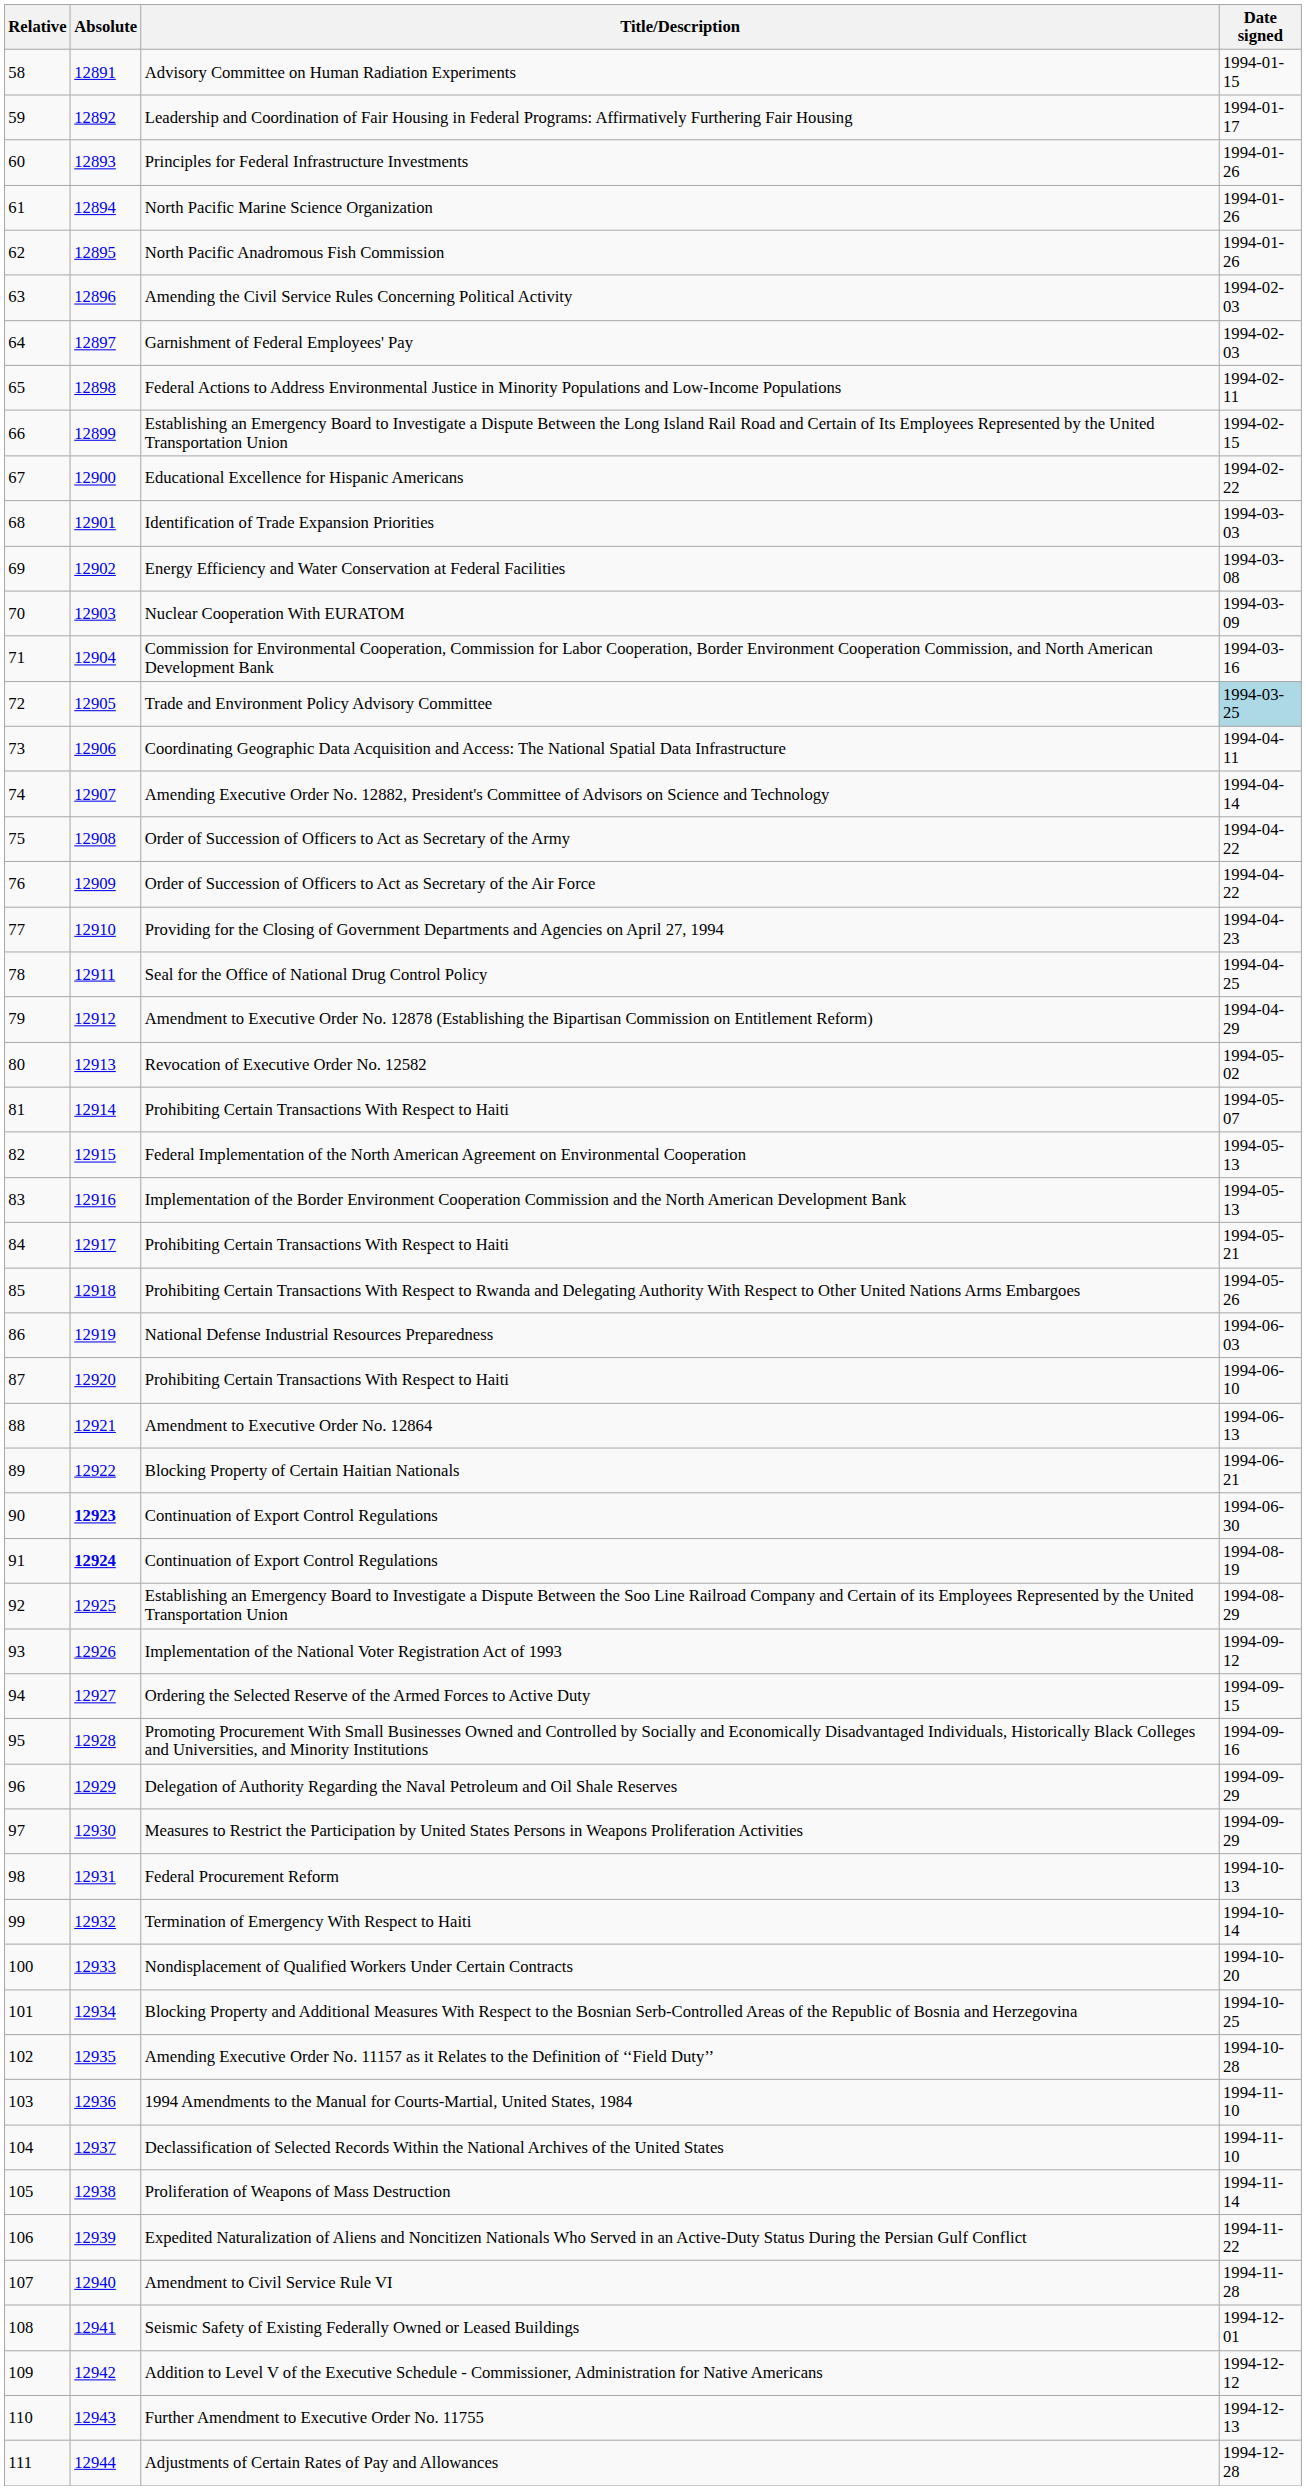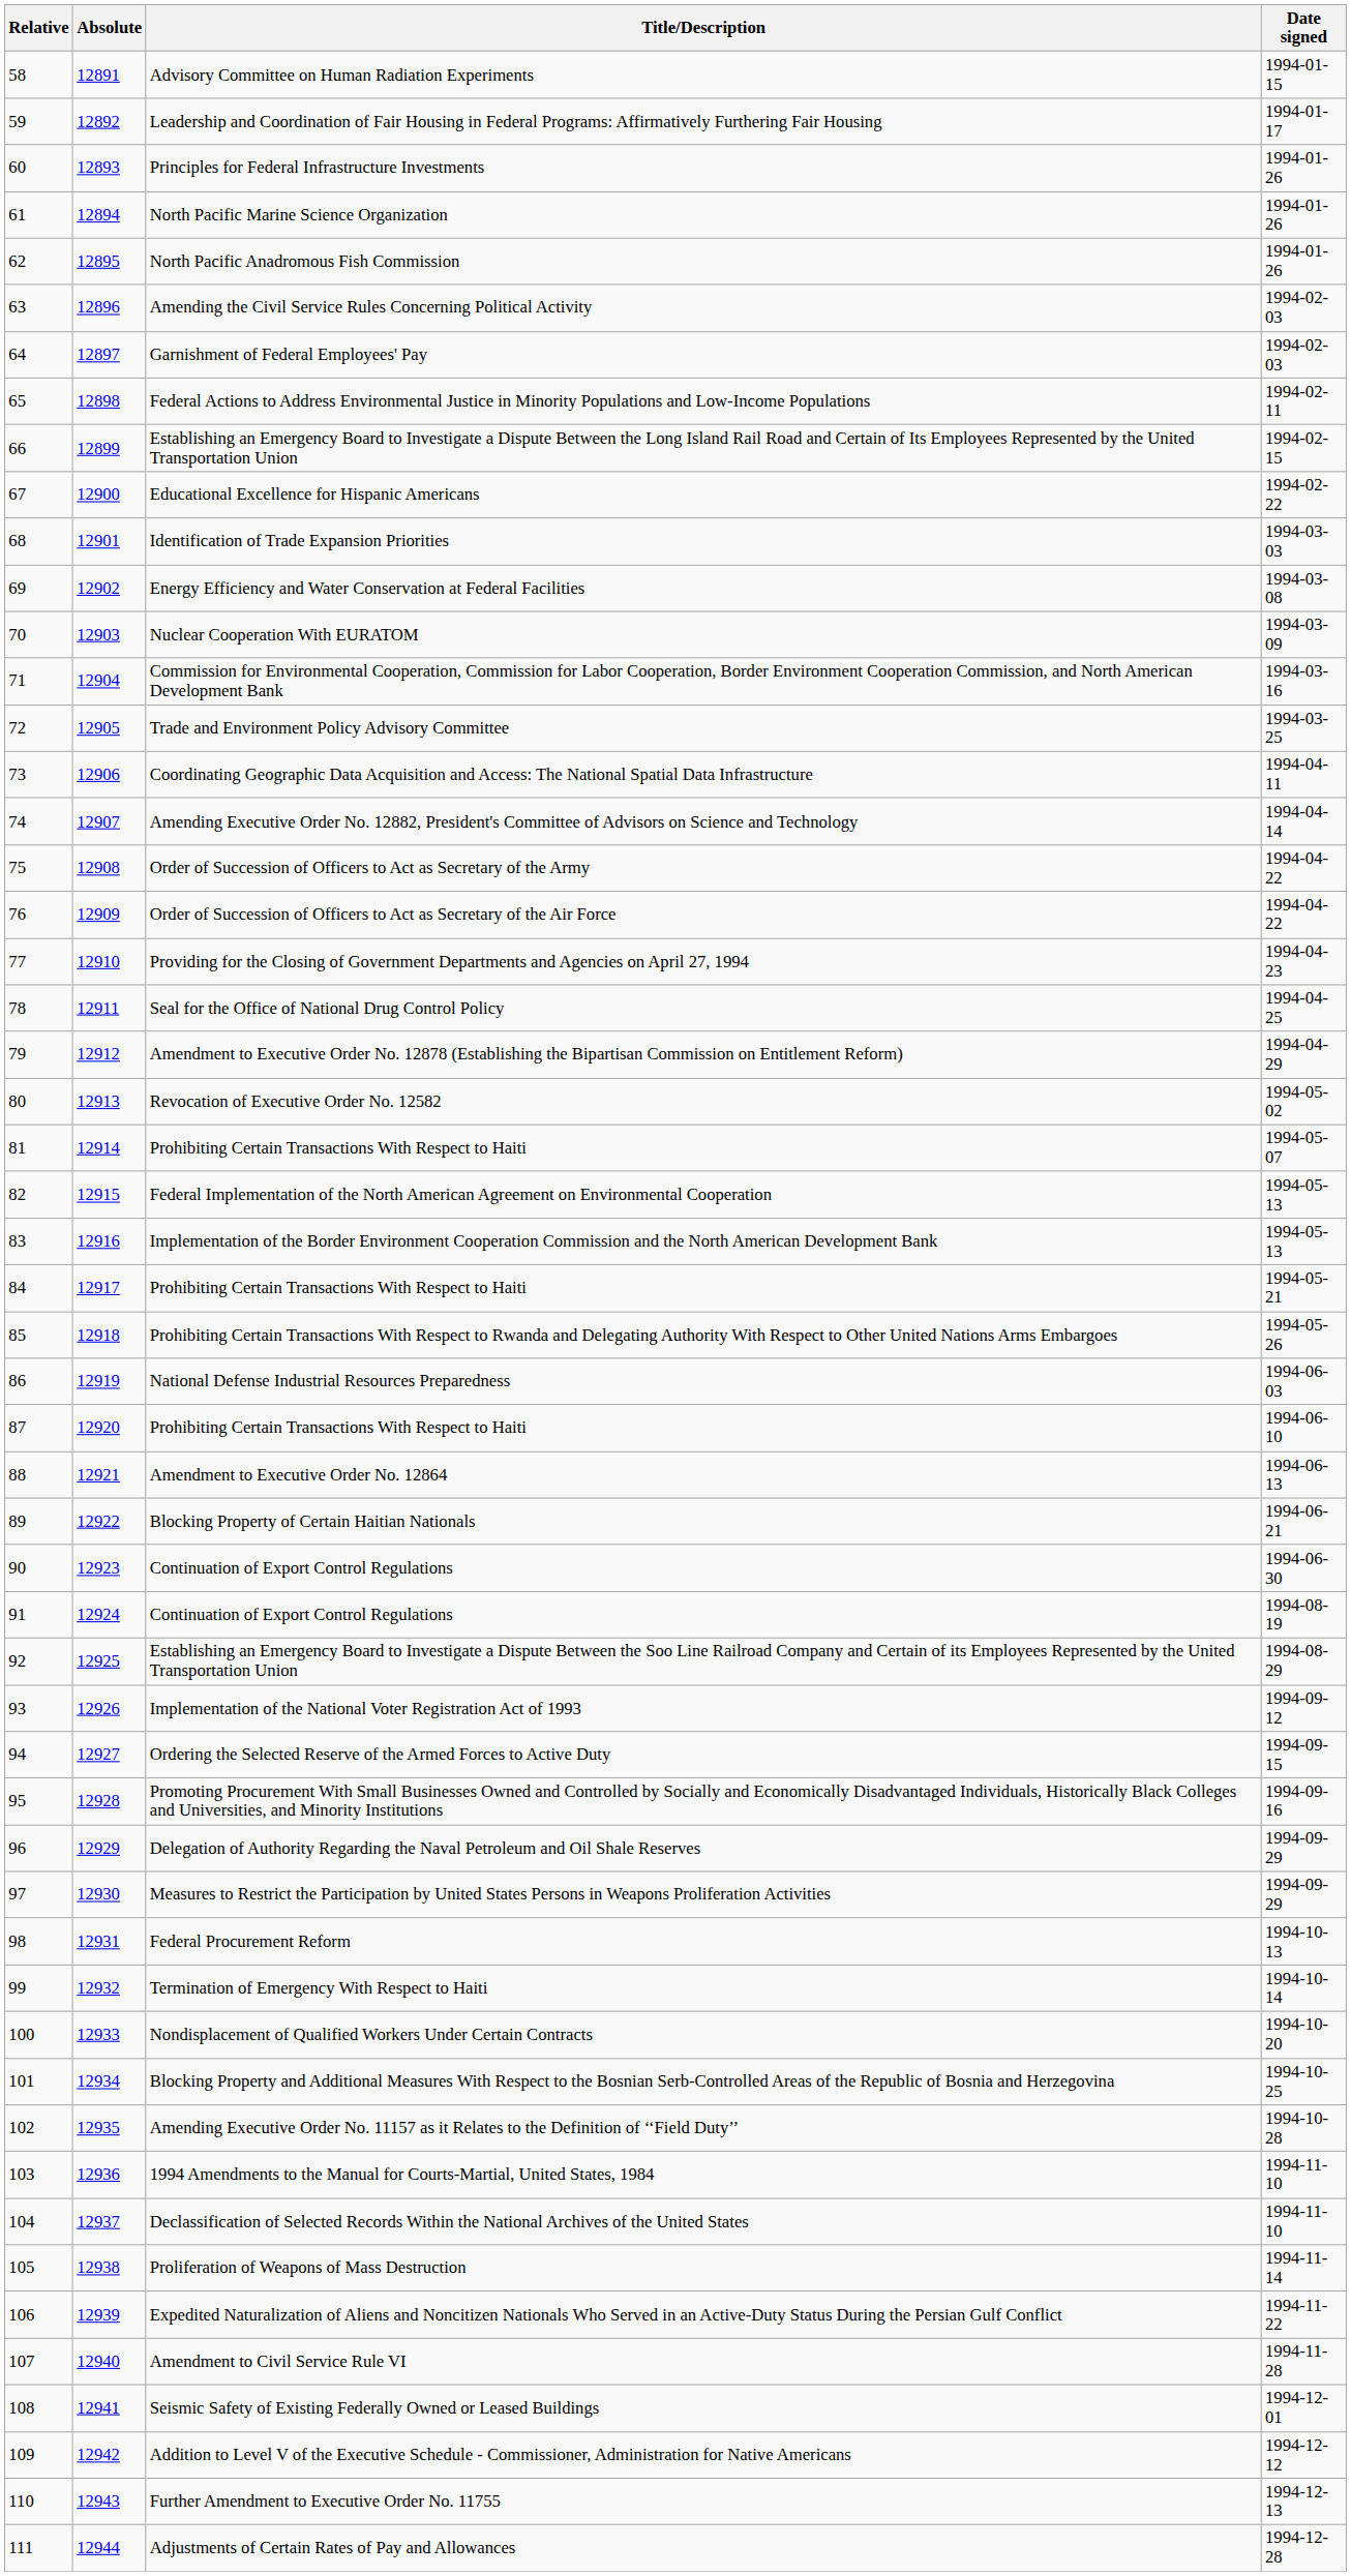 <table class="wikitable">
 <tr>
 <th>Relative </th>
 <th>Absolute </th>
 <th>Title/Description</th>
 <th>Date signed</th>
 </tr>
 <tr>
 <td>58</td>
 <td><a href='#'>12891</a></td>
 <td>Advisory Committee on Human Radiation Experiments</td>
 <td>1994-01-15</td>
 </tr>
 <tr>
 <td>59</td>
 <td><a href='#'>12892</a></td>
 <td>Leadership and Coordination of Fair Housing in Federal Programs: Affirmatively Furthering Fair Housing</td>
 <td>1994-01-17</td>
 </tr>
 <tr>
 <td>60</td>
 <td><a href='#'>12893</a></td>
 <td>Principles for Federal Infrastructure Investments</td>
 <td>1994-01-26</td>
 </tr>
 <tr>
 <td>61</td>
 <td><a href='#'>12894</a></td>
 <td>North Pacific Marine Science Organization</td>
 <td>1994-01-26</td>
 </tr>
 <tr>
 <td>62</td>
 <td><a href='#'>12895</a></td>
 <td>North Pacific Anadromous Fish Commission</td>
 <td>1994-01-26</td>
 </tr>
 <tr>
 <td>63</td>
 <td><a href='#'>12896</a></td>
 <td>Amending the Civil Service Rules Concerning Political Activity</td>
 <td>1994-02-03</td>
 </tr>
 <tr>
 <td>64</td>
 <td><a href='#'>12897</a></td>
 <td>Garnishment of Federal Employees' Pay</td>
 <td>1994-02-03</td>
 </tr>
 <tr>
 <td>65</td>
 <td><a href='#'>12898</a></td>
 <td>Federal Actions to Address Environmental Justice in Minority Populations and Low-Income Populations </td>
 <td>1994-02-11</td>
 </tr>
 <tr>
 <td>66</td>
 <td><a href='#'>12899</a></td>
 <td>Establishing an Emergency Board to Investigate a Dispute Between the Long Island Rail Road and Certain of Its Employees Represented by the United Transportation Union</td>
 <td>1994-02-15</td>
 </tr>
 <tr>
 <td>67</td>
 <td><a href='#'>12900</a></td>
 <td>Educational Excellence for Hispanic Americans</td>
 <td>1994-02-22</td>
 </tr>
 <tr>
 <td>68</td>
 <td><a href='#'>12901</a></td>
 <td>Identification of Trade Expansion Priorities</td>
 <td>1994-03-03</td>
 </tr>
 <tr>
 <td>69</td>
 <td><a href='#'>12902</a></td>
 <td>Energy Efficiency and Water Conservation at Federal Facilities</td>
 <td>1994-03-08</td>
 </tr>
 <tr>
 <td>70</td>
 <td><a href='#'>12903</a></td>
 <td>Nuclear Cooperation With EURATOM</td>
 <td>1994-03-09</td>
 </tr>
 <tr>
 <td>71</td>
 <td><a href='#'>12904</a></td>
 <td>Commission for Environmental Cooperation, Commission for Labor Cooperation, Border Environment Cooperation Commission, and North American Development Bank</td>
 <td>1994-03-16</td>
 </tr>
 <tr>
 <td>72</td>
 <td><a href='#'>12905</a></td>
 <td>Trade and Environment Policy Advisory Committee</td>
-<td style="background: lightblue;">1994-03-25</td>
+<td>1994-03-25</td>
 </tr>
 <tr>
 <td>73</td>
 <td><a href='#'>12906</a></td>
 <td>Coordinating Geographic Data Acquisition and Access: The National Spatial Data Infrastructure</td>
 <td>1994-04-11</td>
 </tr>
 <tr>
 <td>74</td>
 <td><a href='#'>12907</a></td>
 <td>Amending Executive Order No. 12882, President's Committee of Advisors on Science and Technology</td>
 <td>1994-04-14</td>
 </tr>
 <tr>
 <td>75</td>
 <td><a href='#'>12908</a></td>
 <td>Order of Succession of Officers to Act as Secretary of the Army</td>
 <td>1994-04-22</td>
 </tr>
 <tr>
 <td>76</td>
 <td><a href='#'>12909</a></td>
 <td>Order of Succession of Officers to Act as Secretary of the Air Force</td>
 <td>1994-04-22</td>
 </tr>
 <tr>
 <td>77</td>
 <td><a href='#'>12910</a></td>
 <td>Providing for the Closing of Government Departments and Agencies on April 27, 1994</td>
 <td>1994-04-23</td>
 </tr>
 <tr>
 <td>78</td>
 <td><a href='#'>12911</a></td>
 <td>Seal for the Office of National Drug Control Policy</td>
 <td>1994-04-25</td>
 </tr>
 <tr>
 <td>79</td>
 <td><a href='#'>12912</a></td>
 <td>Amendment to Executive Order No. 12878 (Establishing the Bipartisan Commission on Entitlement Reform)</td>
 <td>1994-04-29</td>
 </tr>
 <tr>
 <td>80</td>
 <td><a href='#'>12913</a></td>
 <td>Revocation of Executive Order No. 12582</td>
 <td>1994-05-02</td>
 </tr>
 <tr>
 <td>81</td>
 <td><a href='#'>12914</a></td>
 <td>Prohibiting Certain Transactions With Respect to Haiti</td>
 <td>1994-05-07</td>
 </tr>
 <tr>
 <td>82</td>
 <td><a href='#'>12915</a></td>
 <td>Federal Implementation of the North American Agreement on Environmental Cooperation</td>
 <td>1994-05-13</td>
 </tr>
 <tr>
 <td>83</td>
 <td><a href='#'>12916</a></td>
 <td>Implementation of the Border Environment Cooperation Commission and the North American Development Bank</td>
 <td>1994-05-13</td>
 </tr>
 <tr>
 <td>84</td>
 <td><a href='#'>12917</a></td>
 <td>Prohibiting Certain Transactions With Respect to Haiti</td>
 <td>1994-05-21</td>
 </tr>
 <tr>
 <td>85</td>
 <td><a href='#'>12918</a></td>
 <td>Prohibiting Certain Transactions With Respect to Rwanda and Delegating Authority With Respect to Other United Nations Arms Embargoes</td>
 <td>1994-05-26</td>
 </tr>
 <tr>
 <td>86</td>
 <td><a href='#'>12919</a></td>
 <td>National Defense Industrial Resources Preparedness</td>
 <td>1994-06-03</td>
 </tr>
 <tr>
 <td>87</td>
 <td><a href='#'>12920</a></td>
 <td>Prohibiting Certain Transactions With Respect to Haiti</td>
 <td>1994-06-10</td>
 </tr>
 <tr>
 <td>88</td>
 <td><a href='#'>12921</a></td>
 <td>Amendment to Executive Order No. 12864</td>
 <td>1994-06-13</td>
 </tr>
 <tr>
 <td>89</td>
 <td><a href='#'>12922</a></td>
 <td>Blocking Property of Certain Haitian Nationals</td>
 <td>1994-06-21</td>
 </tr>
 <tr>
 <td>90</td>
-<td><strong><a href='#'>12923</a></strong></td>
+<td><a href='#'>12923</a></td>
 <td>Continuation of Export Control Regulations</td>
 <td>1994-06-30</td>
 </tr>
 <tr>
 <td>91</td>
-<td><strong><a href='#'>12924</a></strong></td>
+<td><a href='#'>12924</a></td>
 <td>Continuation of Export Control Regulations</td>
 <td>1994-08-19</td>
 </tr>
 <tr>
 <td>92</td>
 <td><a href='#'>12925</a></td>
 <td>Establishing an Emergency Board to Investigate a Dispute Between the Soo Line Railroad Company and Certain of its Employees Represented by the United Transportation Union</td>
 <td>1994-08-29</td>
 </tr>
 <tr>
 <td>93</td>
 <td><a href='#'>12926</a></td>
 <td>Implementation of the National Voter Registration Act of 1993</td>
 <td>1994-09-12</td>
 </tr>
 <tr>
 <td>94</td>
 <td><a href='#'>12927</a></td>
 <td>Ordering the Selected Reserve of the Armed Forces to Active Duty</td>
 <td>1994-09-15</td>
 </tr>
 <tr>
 <td>95</td>
 <td><a href='#'>12928</a></td>
 <td>Promoting Procurement With Small Businesses Owned and Controlled by Socially and Economically Disadvantaged Individuals, Historically Black Colleges and Universities, and Minority Institutions</td>
 <td>1994-09-16</td>
 </tr>
 <tr>
 <td>96</td>
 <td><a href='#'>12929</a></td>
 <td>Delegation of Authority Regarding the Naval Petroleum and Oil Shale Reserves</td>
 <td>1994-09-29</td>
 </tr>
 <tr>
 <td>97</td>
 <td><a href='#'>12930</a></td>
 <td>Measures to Restrict the Participation by United States Persons in Weapons Proliferation Activities</td>
 <td>1994-09-29</td>
 </tr>
 <tr>
 <td>98</td>
 <td><a href='#'>12931</a></td>
 <td>Federal Procurement Reform</td>
 <td>1994-10-13</td>
 </tr>
 <tr>
 <td>99</td>
 <td><a href='#'>12932</a></td>
 <td>Termination of Emergency With Respect to Haiti</td>
 <td>1994-10-14</td>
 </tr>
 <tr>
 <td>100</td>
 <td><a href='#'>12933</a></td>
 <td>Nondisplacement of Qualified Workers Under Certain Contracts</td>
 <td>1994-10-20</td>
 </tr>
 <tr>
 <td>101</td>
 <td><a href='#'>12934</a></td>
 <td>Blocking Property and Additional Measures With Respect to the Bosnian Serb-Controlled Areas of the Republic of Bosnia and Herzegovina</td>
 <td>1994-10-25</td>
 </tr>
 <tr>
 <td>102</td>
 <td><a href='#'>12935</a></td>
 <td>Amending Executive Order No. 11157 as it Relates to the Definition of ‘‘Field Duty’’</td>
 <td>1994-10-28</td>
 </tr>
 <tr>
 <td>103</td>
 <td><a href='#'>12936</a></td>
 <td>1994 Amendments to the Manual for Courts-Martial, United States, 1984</td>
 <td>1994-11-10</td>
 </tr>
 <tr>
 <td>104</td>
 <td><a href='#'>12937</a></td>
 <td>Declassification of Selected Records Within the National Archives of the United States</td>
 <td>1994-11-10</td>
 </tr>
 <tr>
 <td>105</td>
 <td><a href='#'>12938</a></td>
 <td>Proliferation of Weapons of Mass Destruction</td>
 <td>1994-11-14</td>
 </tr>
 <tr>
 <td>106</td>
 <td><a href='#'>12939</a></td>
 <td>Expedited Naturalization of Aliens and Noncitizen Nationals Who Served in an Active-Duty Status During the Persian Gulf Conflict</td>
 <td>1994-11-22</td>
 </tr>
 <tr>
 <td>107</td>
 <td><a href='#'>12940</a></td>
 <td>Amendment to Civil Service Rule VI</td>
 <td>1994-11-28</td>
 </tr>
 <tr>
 <td>108</td>
 <td><a href='#'>12941</a></td>
 <td>Seismic Safety of Existing Federally Owned or Leased Buildings</td>
 <td>1994-12-01</td>
 </tr>
 <tr>
 <td>109</td>
 <td><a href='#'>12942</a></td>
 <td>Addition to Level V of the Executive Schedule - Commissioner, Administration for Native Americans</td>
 <td>1994-12-12</td>
 </tr>
 <tr>
 <td>110</td>
 <td><a href='#'>12943</a></td>
 <td>Further Amendment to Executive Order No. 11755</td>
 <td>1994-12-13</td>
 </tr>
 <tr>
 <td>111</td>
 <td><a href='#'>12944</a></td>
 <td>Adjustments of Certain Rates of Pay and Allowances</td>
 <td>1994-12-28</td>
 </tr>
 </table>
